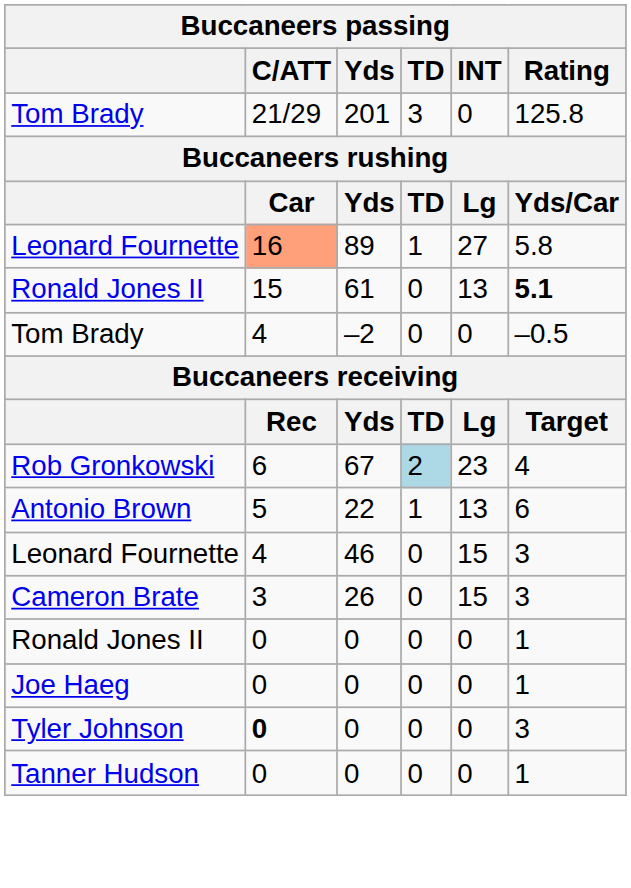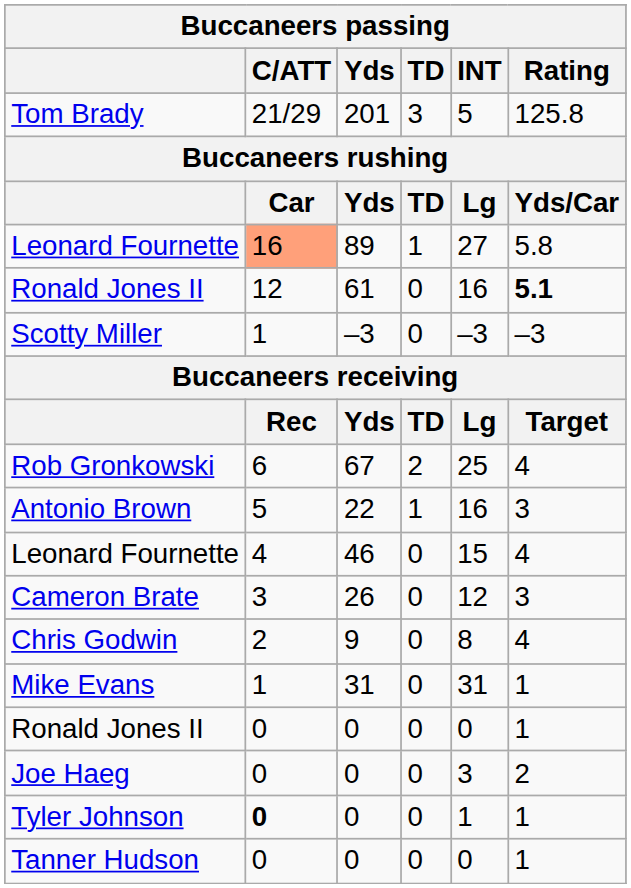 <table class="wikitable plainrowheaders">
 <tr>
 <th colspan="6">Buccaneers passing</th>
 </tr>
 <tr>
 <th scope="col"></th>
 <th scope="col">C/ATT</th>
 <th scope="col">Yds</th>
 <th scope="col">TD</th>
 <th scope="col">INT</th>
 <th scope="col">Rating</th>
 </tr>
 <tr>
 <td><a href='#'>Tom Brady</a></td>
 <td>21/29</td>
 <td>201</td>
 <td>3</td>
-<td>0</td>
+<td>5</td>
 <td>125.8</td>
 </tr>
 <tr>
 <th colspan="6">Buccaneers rushing</th>
 </tr>
 <tr>
 <th scope="col"></th>
 <th scope="col">Car</th>
 <th scope="col">Yds</th>
 <th scope="col">TD</th>
 <th scope="col">Lg</th>
 <th scope="col">Yds/Car</th>
 </tr>
 <tr>
 <td><a href='#'>Leonard Fournette</a></td>
 <td style="background: lightsalmon;">16</td>
 <td>89</td>
 <td>1</td>
 <td>27</td>
 <td>5.8</td>
 </tr>
 <tr>
 <td><a href='#'>Ronald Jones II</a></td>
-<td>15</td>
+<td>12</td>
 <td>61</td>
 <td>0</td>
-<td>13</td>
+<td>16</td>
 <td><strong>5.1</strong></td>
 </tr>
 <tr>
-<td>Tom Brady</td>
-<td>4</td>
-<td>–2</td>
+<td><a href='#'>Scotty Miller</a></td>
+<td>1</td>
+<td>–3</td>
 <td>0</td>
-<td>0</td>
-<td>–0.5</td>
+<td>–3</td>
+<td>–3</td>
 </tr>
 <tr>
 <th colspan="6">Buccaneers receiving</th>
 </tr>
 <tr>
 <th scope="col"></th>
 <th scope="col">Rec</th>
 <th scope="col">Yds</th>
 <th scope="col">TD</th>
 <th scope="col">Lg</th>
 <th scope="col">Target</th>
 </tr>
 <tr>
 <td><a href='#'>Rob Gronkowski</a></td>
 <td>6</td>
 <td>67</td>
-<td style="background: lightblue;">2</td>
-<td>23</td>
+<td>2</td>
+<td>25</td>
 <td>4</td>
 </tr>
 <tr>
 <td><a href='#'>Antonio Brown</a></td>
 <td>5</td>
 <td>22</td>
 <td>1</td>
-<td>13</td>
-<td>6</td>
+<td>16</td>
+<td>3</td>
 </tr>
 <tr>
 <td>Leonard Fournette</td>
 <td>4</td>
 <td>46</td>
 <td>0</td>
 <td>15</td>
-<td>3</td>
+<td>4</td>
 </tr>
 <tr>
 <td><a href='#'>Cameron Brate</a></td>
 <td>3</td>
 <td>26</td>
 <td>0</td>
-<td>15</td>
+<td>12</td>
 <td>3</td>
+</tr>
+<tr>
+<td><a href='#'>Chris Godwin</a></td>
+<td>2</td>
+<td>9</td>
+<td>0</td>
+<td>8</td>
+<td>4</td>
+</tr>
+<tr>
+<td><a href='#'>Mike Evans</a></td>
+<td>1</td>
+<td>31</td>
+<td>0</td>
+<td>31</td>
+<td>1</td>
 </tr>
 <tr>
 <td>Ronald Jones II</td>
 <td>0</td>
 <td>0</td>
 <td>0</td>
 <td>0</td>
 <td>1</td>
 </tr>
 <tr>
 <td><a href='#'>Joe Haeg</a></td>
 <td>0</td>
 <td>0</td>
 <td>0</td>
-<td>0</td>
-<td>1</td>
+<td>3</td>
+<td>2</td>
 </tr>
 <tr>
 <td><a href='#'>Tyler Johnson</a></td>
 <td><strong>0</strong></td>
 <td>0</td>
 <td>0</td>
-<td>0</td>
-<td>3</td>
+<td>1</td>
+<td>1</td>
 </tr>
 <tr>
 <td><a href='#'>Tanner Hudson</a></td>
 <td>0</td>
 <td>0</td>
 <td>0</td>
 <td>0</td>
 <td>1</td>
 </tr>
 <tr>
 </tr>
 </table>
